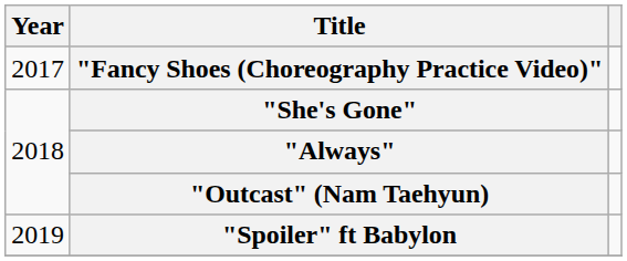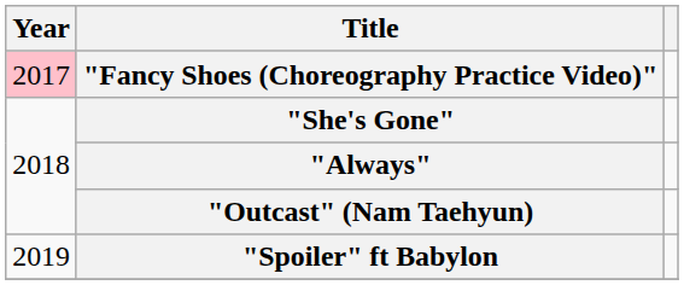 <table class="wikitable sortable plainrowheaders" style="text-align:center;">
 <tr>
 <th>Year</th>
 <th>Title</th>
 <th></th>
 </tr>
 <tr>
-<td>2017</td>
+<td style="background: pink;">2017</td>
 <th scope=row>"Fancy Shoes (Choreography Practice Video)"</th>
 <td></td>
 </tr>
 <tr>
 <td rowspan="3">2018</td>
 <th scope=row>"She's Gone"</th>
 <td></td>
 </tr>
 <tr>
 <th scope=row>"Always"</th>
 <td></td>
 </tr>
 <tr>
 <th scope=row>"Outcast" (Nam Taehyun)</th>
 <td></td>
 </tr>
 <tr>
 <td>2019</td>
 <th scope=row>"Spoiler" ft Babylon</th>
 <td></td>
 </tr>
 <tr>
 </tr>
 </table>
